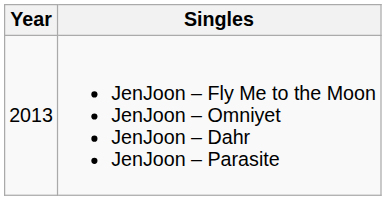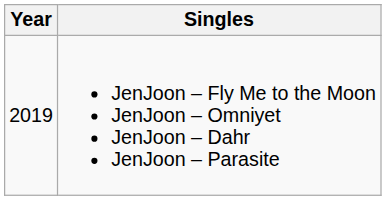 <table class="wikitable">
 <tr>
 <th>Year</th>
 <th>Singles</th>
 </tr>
 <tr>
-<td>2013</td>
+<td>2019</td>
 <td><br><ul><li>JenJoon – Fly Me to the Moon</li><li>JenJoon – Omniyet</li><li>JenJoon – Dahr</li><li>JenJoon – Parasite</li></ul></td>
 </tr>
 </table>
